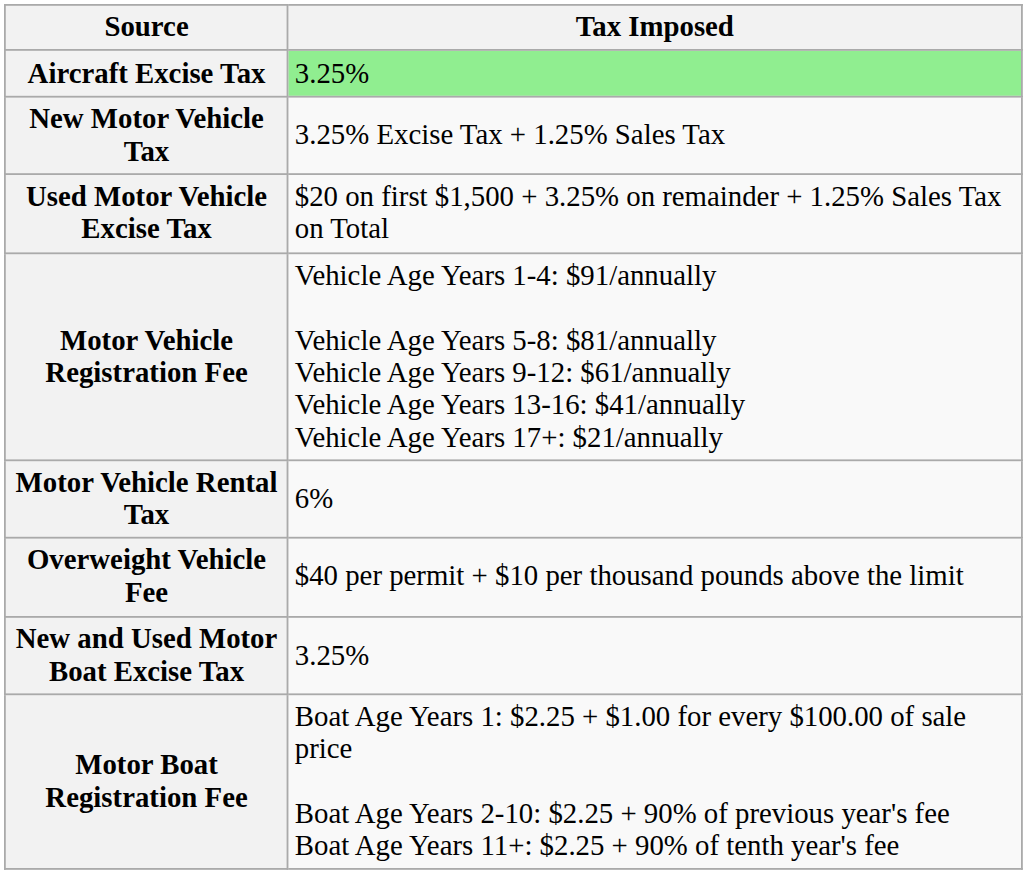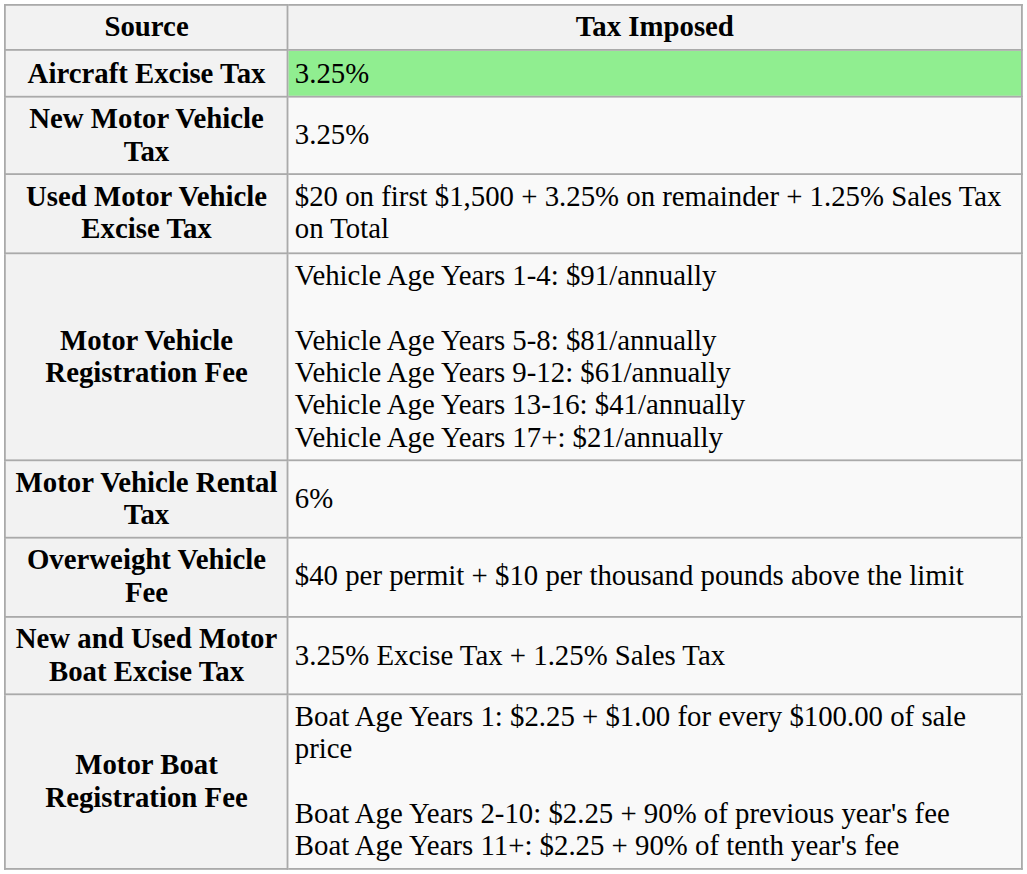 <table class="wikitable">
 <tr>
 <th width=150>Source</th>
 <th width=400>Tax Imposed</th>
 </tr>
 <tr>
 <th>Aircraft Excise Tax</th>
 <td style="background: lightgreen;">3.25%</td>
 </tr>
 <tr>
 <th>New Motor Vehicle Tax</th>
-<td>3.25% Excise Tax + 1.25% Sales Tax</td>
+<td>3.25%</td>
 </tr>
 <tr>
 <th>Used Motor Vehicle Excise Tax</th>
 <td>$20 on first $1,500 + 3.25% on remainder + 1.25% Sales Tax on Total</td>
 </tr>
 <tr>
 <th>Motor Vehicle Registration Fee</th>
 <td>Vehicle Age Years 1-4:  $91/annually<br><br>Vehicle Age Years 5-8:   $81/annually<br> Vehicle Age Years 9-12:  $61/annually<br> Vehicle Age Years 13-16: $41/annually<br> Vehicle Age Years 17+:   $21/annually</td>
 </tr>
 <tr>
 <th>Motor Vehicle Rental Tax</th>
 <td>6%</td>
 </tr>
 <tr>
 <th>Overweight Vehicle Fee</th>
 <td>$40 per permit + $10 per thousand pounds above the limit</td>
 </tr>
 <tr>
 <th>New and Used Motor Boat Excise Tax</th>
-<td>3.25%</td>
+<td>3.25% Excise Tax + 1.25% Sales Tax</td>
 </tr>
 <tr>
 <th>Motor Boat Registration Fee</th>
 <td>Boat Age Years 1: $2.25 + $1.00 for every $100.00 of sale price<br><br>Boat Age Years 2-10: $2.25 + 90% of previous year's fee<br> Boat Age Years 11+: $2.25 + 90% of tenth year's fee</td>
 </tr>
 </table>
